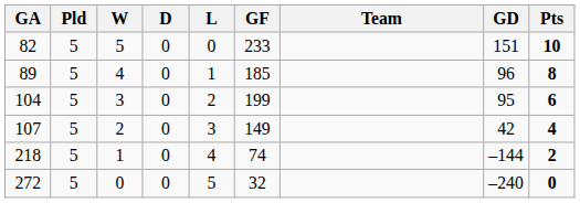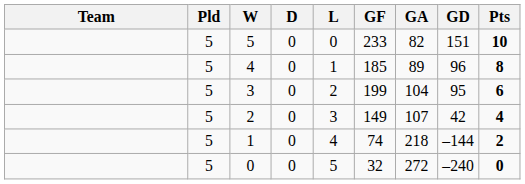 <table class="wikitable" style="text-align: center;">
 <tr>
-<th width="35">GA</th>
+<th width="180">Team</th>
 <th width="35">Pld</th>
 <th width="35">W</th>
 <th width="35">D</th>
 <th width="35">L</th>
 <th width="35">GF</th>
-<th width="180">Team</th>
+<th width="35">GA</th>
 <th width="35">GD</th>
 <th width="35">Pts</th>
 </tr>
 <tr>
-<td>82</td>
+<td align="left"></td>
 <td>5</td>
 <td>5</td>
 <td>0</td>
 <td>0</td>
 <td>233</td>
-<td align="left"></td>
+<td>82</td>
 <td>151</td>
 <td><strong>10</strong></td>
 </tr>
 <tr>
-<td>89</td>
+<td align="left"></td>
 <td>5</td>
 <td>4</td>
 <td>0</td>
 <td>1</td>
 <td>185</td>
-<td align="left"></td>
+<td>89</td>
 <td>96</td>
 <td><strong>8</strong></td>
 </tr>
 <tr>
-<td>104</td>
+<td align="left"></td>
 <td>5</td>
 <td>3</td>
 <td>0</td>
 <td>2</td>
 <td>199</td>
-<td align="left"></td>
+<td>104</td>
 <td>95</td>
 <td><strong>6</strong></td>
 </tr>
 <tr>
-<td>107</td>
+<td align="left"></td>
 <td>5</td>
 <td>2</td>
 <td>0</td>
 <td>3</td>
 <td>149</td>
-<td align="left"></td>
+<td>107</td>
 <td>42</td>
 <td><strong>4</strong></td>
 </tr>
 <tr>
-<td>218</td>
+<td align="left"></td>
 <td>5</td>
 <td>1</td>
 <td>0</td>
 <td>4</td>
 <td>74</td>
-<td align="left"></td>
+<td>218</td>
 <td>–144</td>
 <td><strong>2</strong></td>
 </tr>
 <tr>
-<td>272</td>
+<td align="left"></td>
 <td>5</td>
 <td>0</td>
 <td>0</td>
 <td>5</td>
 <td>32</td>
-<td align="left"></td>
+<td>272</td>
 <td>–240</td>
 <td><strong>0</strong></td>
 </tr>
 </table>
